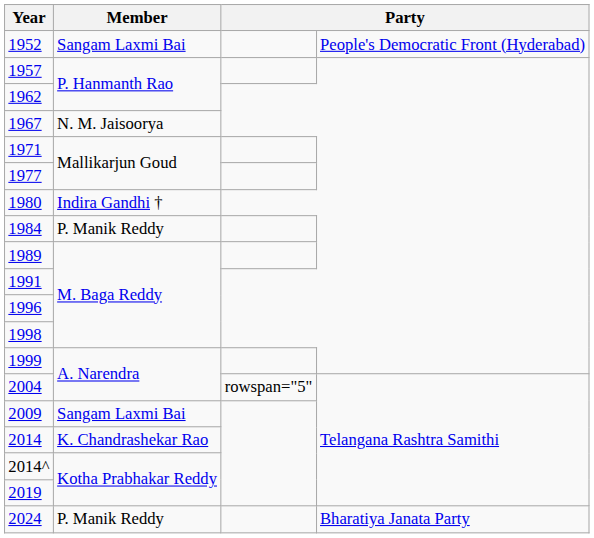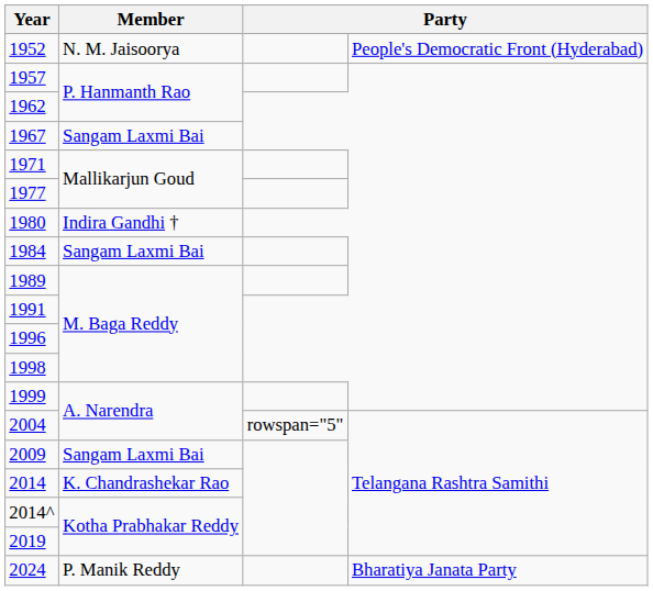 <table class="wikitable">
 <tr>
 <th>Year</th>
 <th>Member</th>
 <th colspan="2">Party</th>
 </tr>
 <tr>
 <td><a href='#'>1952</a></td>
-<td><a href='#'>Sangam Laxmi Bai</a></td>
+<td>N. M. Jaisoorya</td>
 <td></td>
 <td><a href='#'>People's Democratic Front (Hyderabad)</a></td>
 </tr>
 <tr>
 <td><a href='#'>1957</a></td>
 <td rowspan="2"><a href='#'>P. Hanmanth Rao</a></td>
 <td></td>
 </tr>
 <tr>
 <td><a href='#'>1962</a></td>
 </tr>
 <tr>
 <td><a href='#'>1967</a></td>
-<td>N. M. Jaisoorya</td>
+<td><a href='#'>Sangam Laxmi Bai</a></td>
 </tr>
 <tr>
 <td><a href='#'>1971</a></td>
 <td rowspan="2">Mallikarjun Goud</td>
 <td></td>
 </tr>
 <tr>
 <td><a href='#'>1977</a></td>
 <td></td>
 </tr>
 <tr>
 <td><a href='#'>1980</a></td>
 <td><a href='#'>Indira Gandhi</a> †</td>
 </tr>
 <tr>
 <td><a href='#'>1984</a></td>
-<td>P. Manik Reddy</td>
+<td><a href='#'>Sangam Laxmi Bai</a></td>
 <td></td>
 </tr>
 <tr>
 <td><a href='#'>1989</a></td>
 <td rowspan="4"><a href='#'>M. Baga Reddy</a></td>
 <td></td>
 </tr>
 <tr>
 <td><a href='#'>1991</a></td>
 </tr>
 <tr>
 <td><a href='#'>1996</a></td>
 </tr>
 <tr>
 <td><a href='#'>1998</a></td>
 </tr>
 <tr>
 <td><a href='#'>1999</a></td>
 <td rowspan="2"><a href='#'>A. Narendra</a></td>
 <td></td>
 </tr>
 <tr>
 <td><a href='#'>2004</a></td>
 <td>rowspan="5" </td>
 <td rowspan="5"><a href='#'>Telangana Rashtra Samithi</a></td>
 </tr>
 <tr>
 <td><a href='#'>2009</a></td>
 <td><a href='#'>Sangam Laxmi Bai</a></td>
 </tr>
 <tr>
 <td><a href='#'>2014</a></td>
 <td><a href='#'>K. Chandrashekar Rao</a></td>
 </tr>
 <tr>
 <td>2014^</td>
 <td rowspan="2"><a href='#'>Kotha Prabhakar Reddy</a></td>
 </tr>
 <tr>
 <td><a href='#'>2019</a></td>
 </tr>
 <tr>
 <td><a href='#'> 2024</a></td>
 <td>P. Manik Reddy</td>
 <td></td>
 <td><a href='#'>Bharatiya Janata Party</a></td>
 </tr>
 </table>
